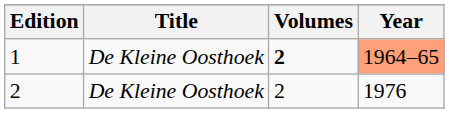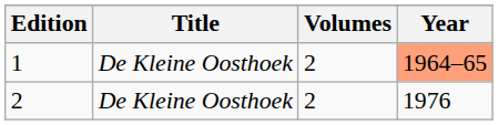 <table class="wikitable">
 <tr>
 </tr>
 <tr>
 <th>Edition</th>
 <th>Title</th>
 <th>Volumes</th>
 <th>Year</th>
 </tr>
 <tr>
 <td>1</td>
 <td><em>De Kleine Oosthoek</em></td>
-<td><strong>2</strong></td>
+<td>2</td>
 <td style="background: lightsalmon;">1964–65</td>
 </tr>
 <tr>
 <td>2</td>
 <td><em>De Kleine Oosthoek</em></td>
 <td>2</td>
 <td>1976</td>
 </tr>
 </table>
